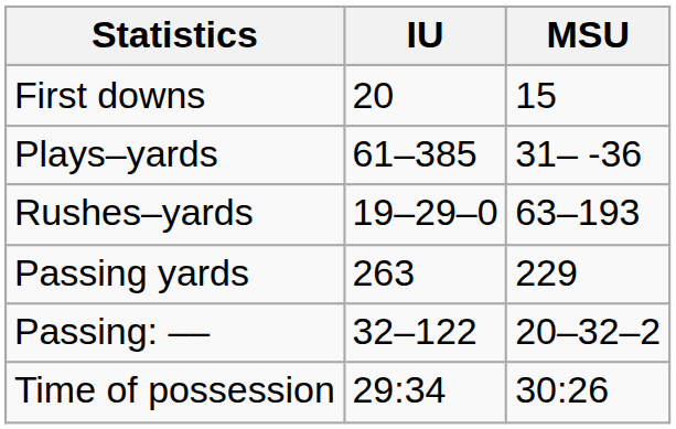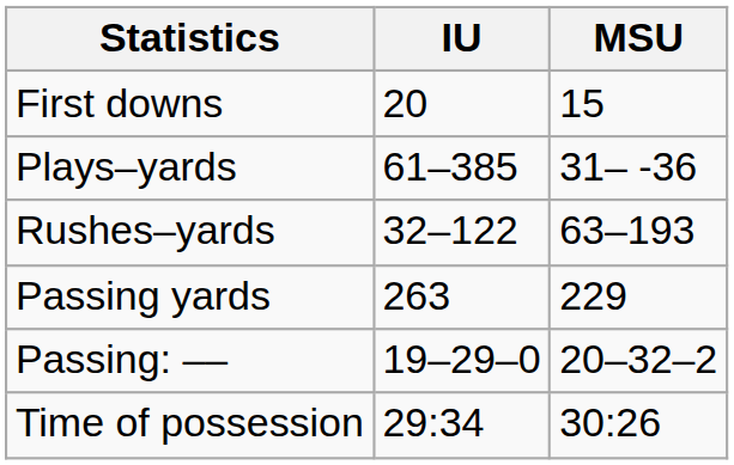 <table class="wikitable" style="float:left">
 <tr>
 <th>Statistics</th>
 <th>IU</th>
 <th>MSU</th>
 </tr>
 <tr>
 <td>First downs</td>
 <td>20</td>
 <td>15</td>
 </tr>
 <tr>
 <td>Plays–yards</td>
 <td>61–385</td>
 <td>31– -36</td>
 </tr>
 <tr>
 <td>Rushes–yards</td>
-<td>19–29–0</td>
+<td>32–122</td>
 <td>63–193</td>
 </tr>
 <tr>
 <td>Passing yards</td>
 <td>263</td>
 <td>229</td>
 </tr>
 <tr>
 <td>Passing: ––</td>
-<td>32–122</td>
+<td>19–29–0</td>
 <td>20–32–2</td>
 </tr>
 <tr>
 <td>Time of possession</td>
 <td>29:34</td>
 <td>30:26</td>
 </tr>
 </table>
